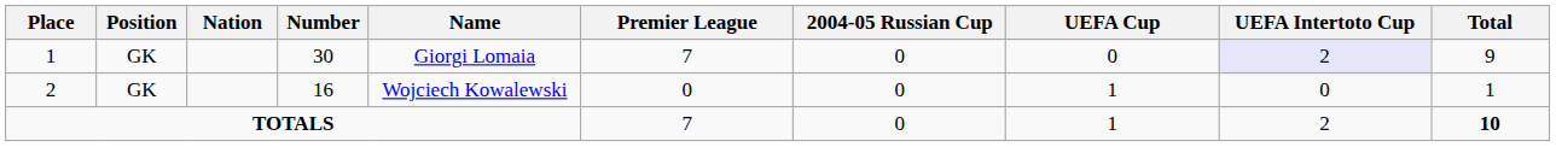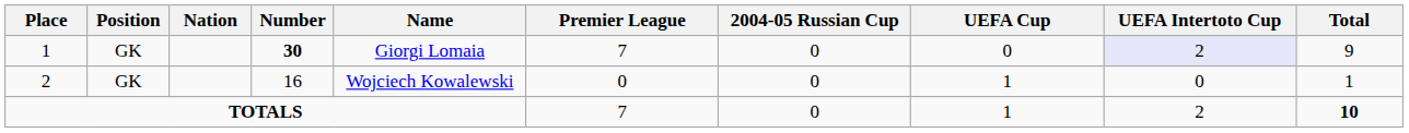 <table class="wikitable" style="font-size: 95%; text-align: center;">
 <tr>
 <th width=60>Place</th>
 <th width=60>Position</th>
 <th width=60>Nation</th>
 <th width=60>Number</th>
 <th width=150>Name</th>
 <th width=150>Premier League</th>
 <th width=150>2004-05 Russian Cup</th>
 <th width=150>UEFA Cup</th>
 <th width=150>UEFA Intertoto Cup</th>
 <th width=80>Total</th>
 </tr>
 <tr>
 <td>1</td>
 <td>GK</td>
 <td></td>
-<td>30</td>
+<td><strong>30</strong></td>
 <td><a href='#'>Giorgi Lomaia</a></td>
 <td>7</td>
 <td>0</td>
 <td>0</td>
 <td style="background: lavender;">2</td>
 <td>9</td>
 </tr>
 <tr>
 <td>2</td>
 <td>GK</td>
 <td></td>
 <td>16</td>
 <td><a href='#'>Wojciech Kowalewski</a></td>
 <td>0</td>
 <td>0</td>
 <td>1</td>
 <td>0</td>
 <td>1</td>
 </tr>
 <tr>
 <td colspan="5"><strong>TOTALS</strong></td>
 <td>7</td>
 <td>0</td>
 <td>1</td>
 <td>2</td>
 <td><strong>10</strong></td>
 </tr>
 </table>
